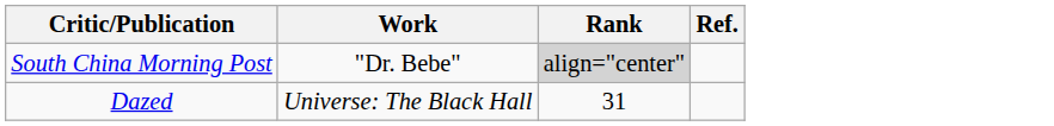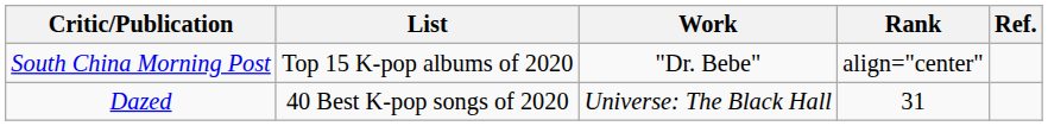 <table class="sortable wikitable">
 <tr>
 <th>Critic/Publication</th>
+<th>List</th>
 <th>Work</th>
 <th>Rank</th>
 <th>Ref.</th>
 </tr>
 <tr>
 <td align="center"><em><a href='#'>South China Morning Post</a></em></td>
+<td align="center">Top 15 K-pop albums of 2020</td>
 <td align="center">"Dr. Bebe"</td>
-<td style="background: lightgrey;">align="center" </td>
+<td>align="center" </td>
 <td></td>
 </tr>
 <tr>
 <td align="center"><em><a href='#'>Dazed</a></em></td>
+<td align="center">40 Best K-pop songs of 2020</td>
 <td align="center"><em>Universe: The Black Hall</em></td>
 <td align="center">31</td>
 <td></td>
 </tr>
 </table>
